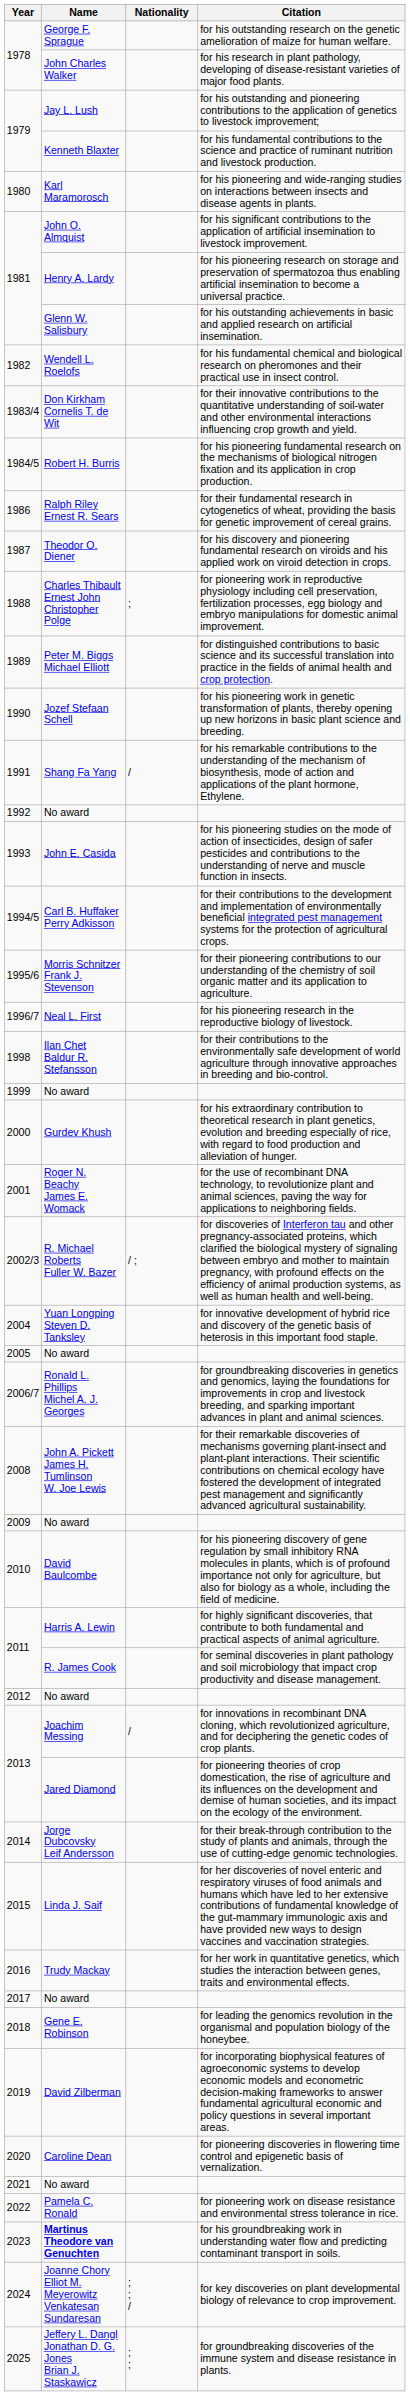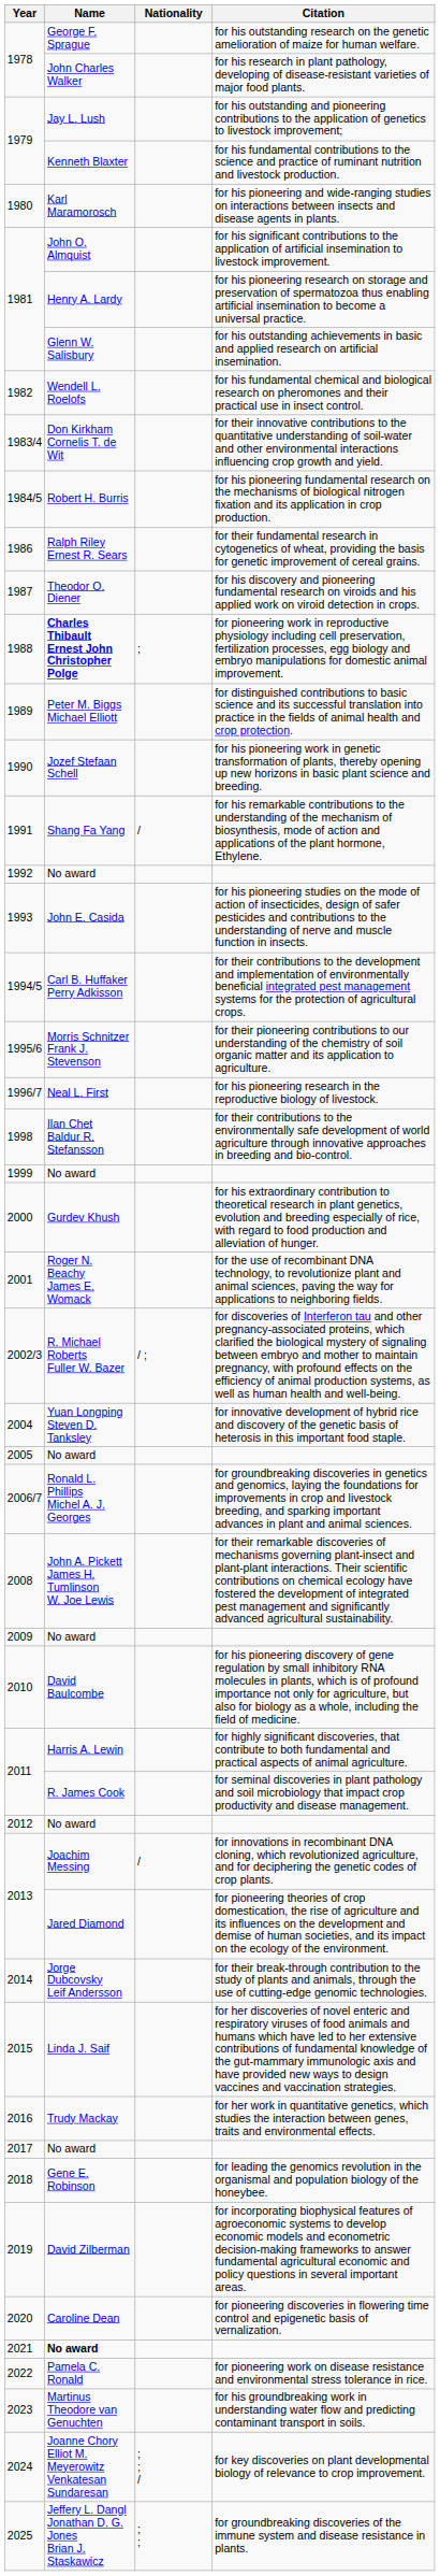 <table class="wikitable">
 <tr bgcolor="#ccccc">
 <th style="width:7%">Year</th>
 <th style="width:21%">Name</th>
 <th style="width:18%">Nationality</th>
 <th>Citation</th>
 </tr>
 <tr>
 <td rowspan=2>1978</td>
 <td><a href='#'>George F. Sprague</a></td>
 <td></td>
 <td>for his outstanding research on the genetic amelioration of maize for human welfare.</td>
 </tr>
 <tr>
 <td><a href='#'>John Charles Walker</a></td>
 <td></td>
 <td>for his research in plant pathology, developing of disease-resistant varieties of major food plants.</td>
 </tr>
 <tr>
 <td rowspan=2>1979</td>
 <td><a href='#'>Jay L. Lush</a></td>
 <td></td>
 <td>for his outstanding and pioneering contributions to the application of genetics to livestock improvement;</td>
 </tr>
 <tr>
 <td><a href='#'>Kenneth Blaxter</a></td>
 <td></td>
 <td>for his fundamental contributions to the science and practice of ruminant nutrition and livestock production.</td>
 </tr>
 <tr>
 <td>1980</td>
 <td><a href='#'>Karl Maramorosch</a></td>
 <td></td>
 <td>for his pioneering and wide-ranging studies on interactions between insects and disease agents in plants.</td>
 </tr>
 <tr>
 <td rowspan=3>1981</td>
 <td><a href='#'>John O. Almquist</a></td>
 <td></td>
 <td>for his significant contributions to the application of artificial insemination to livestock improvement.</td>
 </tr>
 <tr>
 <td><a href='#'>Henry A. Lardy</a></td>
 <td></td>
 <td>for his pioneering research on storage and preservation of spermatozoa thus enabling artificial insemination to become a universal practice.</td>
 </tr>
 <tr>
 <td><a href='#'>Glenn W. Salisbury</a></td>
 <td></td>
 <td>for his outstanding achievements in basic and applied research on artificial insemination.</td>
 </tr>
 <tr>
 <td>1982</td>
 <td><a href='#'>Wendell L. Roelofs</a></td>
 <td></td>
 <td>for his fundamental chemical and biological research on pheromones and their practical use in insect control.</td>
 </tr>
 <tr>
 <td>1983/4</td>
 <td><a href='#'>Don Kirkham</a> <br> <a href='#'>Cornelis T. de Wit</a></td>
 <td> <br> </td>
 <td>for their innovative contributions to the quantitative understanding of soil-water and other environmental interactions influencing crop growth and yield.</td>
 </tr>
 <tr>
 <td>1984/5</td>
 <td><a href='#'>Robert H. Burris</a></td>
 <td></td>
 <td>for his pioneering fundamental research on the mechanisms of biological nitrogen fixation and its application in crop production.</td>
 </tr>
 <tr>
 <td>1986</td>
 <td><a href='#'>Ralph Riley</a> <br> <a href='#'>Ernest R. Sears</a></td>
 <td> <br> </td>
 <td>for their fundamental research in cytogenetics of wheat, providing the basis for genetic improvement of cereal grains.</td>
 </tr>
 <tr>
 <td>1987</td>
 <td><a href='#'>Theodor O. Diener</a></td>
 <td></td>
 <td>for his discovery and pioneering fundamental research on viroids and his applied work on viroid detection in crops.</td>
 </tr>
 <tr>
 <td>1988</td>
-<td><a href='#'>Charles Thibault</a> <br> <a href='#'>Ernest John Christopher Polge</a></td>
+<td><strong><a href='#'>Charles Thibault</a> <br> <a href='#'>Ernest John Christopher Polge</a></strong></td>
 <td>; <br> </td>
 <td>for pioneering work in reproductive physiology including cell preservation, fertilization processes, egg biology and embryo manipulations for domestic animal improvement.</td>
 </tr>
 <tr>
 <td>1989</td>
 <td><a href='#'>Peter M. Biggs</a> <br> <a href='#'>Michael Elliott</a></td>
 <td> <br> </td>
 <td>for distinguished contributions to basic science and its successful translation into practice in the fields of animal health and <a href='#'>crop protection</a>.</td>
 </tr>
 <tr>
 <td>1990</td>
 <td><a href='#'>Jozef Stefaan Schell</a></td>
 <td></td>
 <td>for his pioneering work in genetic transformation of plants, thereby opening up new horizons in basic plant science and breeding.</td>
 </tr>
 <tr>
 <td>1991</td>
 <td><a href='#'>Shang Fa Yang</a></td>
 <td> / </td>
 <td>for his remarkable contributions to the understanding of the mechanism of biosynthesis, mode of action and applications of the plant hormone, Ethylene.</td>
 </tr>
 <tr>
 <td>1992</td>
 <td>No award</td>
 <td></td>
 <td></td>
 </tr>
 <tr>
 <td>1993</td>
 <td><a href='#'>John E. Casida</a></td>
 <td></td>
 <td>for his pioneering studies on the mode of action of insecticides, design of safer pesticides and contributions to the understanding of nerve and muscle function in insects.</td>
 </tr>
 <tr>
 <td>1994/5</td>
 <td><a href='#'>Carl B. Huffaker</a> <br> <a href='#'>Perry Adkisson</a></td>
 <td> <br> </td>
 <td>for their contributions to the development and implementation of environmentally beneficial <a href='#'>integrated pest management</a> systems for the protection of agricultural crops.</td>
 </tr>
 <tr>
 <td>1995/6</td>
 <td><a href='#'>Morris Schnitzer</a> <br> <a href='#'>Frank J. Stevenson</a></td>
 <td> <br> </td>
 <td>for their pioneering contributions to our understanding of the chemistry of soil organic matter and its application to agriculture.</td>
 </tr>
 <tr>
 <td>1996/7</td>
 <td><a href='#'>Neal L. First</a></td>
 <td></td>
 <td>for his pioneering research in the reproductive biology of livestock.</td>
 </tr>
 <tr>
 <td>1998</td>
 <td><a href='#'>Ilan Chet</a> <br> <a href='#'>Baldur R. Stefansson</a></td>
 <td> <br> </td>
 <td>for their contributions to the environmentally safe development of world agriculture through innovative approaches in breeding and bio-control.</td>
 </tr>
 <tr>
 <td>1999</td>
 <td>No award</td>
 <td></td>
 <td></td>
 </tr>
 <tr>
 <td>2000</td>
 <td><a href='#'>Gurdev Khush</a></td>
 <td></td>
 <td>for his extraordinary contribution to theoretical research in plant genetics, evolution and breeding especially of rice, with regard to food production and alleviation of hunger.</td>
 </tr>
 <tr>
 <td>2001</td>
 <td><a href='#'>Roger N. Beachy</a> <br> <a href='#'>James E. Womack</a></td>
 <td> <br> </td>
 <td>for the use of recombinant DNA technology, to revolutionize plant and animal sciences, paving the way for applications to neighboring fields.</td>
 </tr>
 <tr>
 <td>2002/3</td>
 <td><a href='#'>R. Michael Roberts</a> <br> <a href='#'>Fuller W. Bazer</a></td>
 <td> / ; <br> </td>
 <td>for discoveries of <a href='#'>Interferon tau</a> and other pregnancy-associated proteins, which clarified the biological mystery of signaling between embryo and mother to maintain pregnancy, with profound effects on the efficiency of animal production systems, as well as human health and well-being.</td>
 </tr>
 <tr>
 <td>2004</td>
 <td><a href='#'>Yuan Longping</a> <br> <a href='#'>Steven D. Tanksley</a></td>
 <td> <br> </td>
 <td>for innovative development of hybrid rice and discovery of the genetic basis of heterosis in this important food staple.</td>
 </tr>
 <tr>
 <td>2005</td>
 <td>No award</td>
 <td></td>
 <td></td>
 </tr>
 <tr>
 <td>2006/7</td>
 <td><a href='#'>Ronald L. Phillips</a> <br> <a href='#'>Michel A. J. Georges</a></td>
 <td> <br> </td>
 <td>for groundbreaking discoveries in genetics and genomics, laying the foundations for improvements in crop and livestock breeding, and sparking important advances in plant and animal sciences.</td>
 </tr>
 <tr>
 <td>2008</td>
 <td><a href='#'>John A. Pickett</a> <br> <a href='#'>James H. Tumlinson</a> <br> <a href='#'>W. Joe Lewis</a></td>
 <td> <br>  <br> </td>
 <td>for their remarkable discoveries of mechanisms governing plant-insect and plant-plant interactions. Their scientific contributions on chemical ecology have fostered the development of integrated pest management and significantly advanced agricultural sustainability.</td>
 </tr>
 <tr>
 <td>2009</td>
 <td>No award</td>
 <td></td>
 <td></td>
 </tr>
 <tr>
 <td>2010</td>
 <td><a href='#'>David Baulcombe</a></td>
 <td></td>
 <td>for his pioneering discovery of gene regulation by small inhibitory RNA molecules in plants, which is of profound importance not only for agriculture, but also for biology as a whole, including the field of medicine.</td>
 </tr>
 <tr>
 <td rowspan=2>2011</td>
 <td><a href='#'>Harris A. Lewin</a></td>
 <td></td>
 <td>for highly significant discoveries, that contribute to both fundamental and practical aspects of animal agriculture.</td>
 </tr>
 <tr>
 <td><a href='#'>R. James Cook</a></td>
 <td></td>
 <td>for seminal discoveries in plant pathology and soil microbiology that impact crop productivity and disease management.</td>
 </tr>
 <tr>
 <td>2012</td>
 <td>No award</td>
 <td></td>
 <td></td>
 </tr>
 <tr>
 <td rowspan=2>2013</td>
 <td><a href='#'>Joachim Messing</a></td>
 <td> / </td>
 <td>for innovations in recombinant DNA cloning, which revolutionized agriculture, and for deciphering the genetic codes of crop plants.</td>
 </tr>
 <tr>
 <td><a href='#'>Jared Diamond</a></td>
 <td></td>
 <td>for pioneering theories of crop domestication, the rise of agriculture and its influences on the development and demise of human societies, and its impact on the ecology of the environment.</td>
 </tr>
 <tr>
 <td>2014</td>
 <td><a href='#'>Jorge Dubcovsky</a> <br> <a href='#'>Leif Andersson</a></td>
 <td> <br> </td>
 <td>for their break-through contribution to the study of plants and animals, through the use of cutting-edge genomic technologies.</td>
 </tr>
 <tr>
 <td>2015</td>
 <td><a href='#'>Linda J. Saif</a></td>
 <td></td>
 <td>for her discoveries of novel enteric and respiratory viruses of food animals and humans which have led to her extensive contributions of fundamental knowledge of the gut-mammary immunologic axis and have provided new ways to design vaccines and vaccination strategies.</td>
 </tr>
 <tr>
 <td>2016</td>
 <td><a href='#'>Trudy Mackay</a></td>
 <td></td>
 <td>for her work in quantitative genetics, which studies the interaction between genes, traits and environmental effects.</td>
 </tr>
 <tr>
 <td>2017</td>
 <td>No award</td>
 <td></td>
 <td></td>
 </tr>
 <tr>
 <td>2018</td>
 <td><a href='#'>Gene E. Robinson</a></td>
 <td></td>
 <td>for leading the genomics revolution in the organismal and population biology of the honeybee.</td>
 </tr>
 <tr>
 <td>2019</td>
 <td><a href='#'>David Zilberman</a></td>
 <td></td>
 <td>for incorporating biophysical features of agroeconomic systems to develop economic models and econometric decision-making frameworks to answer fundamental agricultural economic and policy questions in several important areas.</td>
 </tr>
 <tr>
 <td>2020</td>
 <td><a href='#'>Caroline Dean</a></td>
 <td></td>
 <td>for pioneering discoveries in flowering time control and epigenetic basis of vernalization.</td>
 </tr>
 <tr>
 <td>2021</td>
-<td>No award</td>
+<td><strong>No award</strong></td>
 <td></td>
 <td></td>
 </tr>
 <tr>
 <td>2022</td>
 <td><a href='#'>Pamela C. Ronald</a></td>
 <td></td>
 <td>for pioneering work on disease resistance and environmental stress tolerance in rice.</td>
 </tr>
 <tr>
 <td>2023</td>
-<td><strong><a href='#'>Martinus Theodore van Genuchten</a></strong></td>
+<td><a href='#'>Martinus Theodore van Genuchten</a></td>
 <td></td>
 <td>for his groundbreaking work in understanding water flow and predicting contaminant transport in soils.</td>
 </tr>
 <tr>
 <td>2024</td>
 <td><a href='#'>Joanne Chory</a> <br> <a href='#'>Elliot M. Meyerowitz</a> <br> <a href='#'>Venkatesan Sundaresan</a></td>
 <td>; <br> ; <br>  / </td>
 <td>for key discoveries on plant developmental biology of relevance to crop improvement.</td>
 </tr>
 <tr>
 <td>2025</td>
 <td><a href='#'>Jeffery L. Dangl</a> <br> <a href='#'>Jonathan D. G. Jones</a> <br> <a href='#'>Brian J. Staskawicz</a></td>
 <td>; <br> ; <br> </td>
 <td>for groundbreaking discoveries of the immune system and disease resistance in plants.</td>
 </tr>
 </table>
